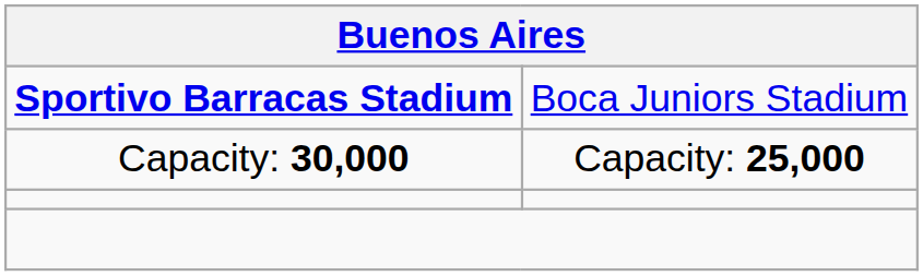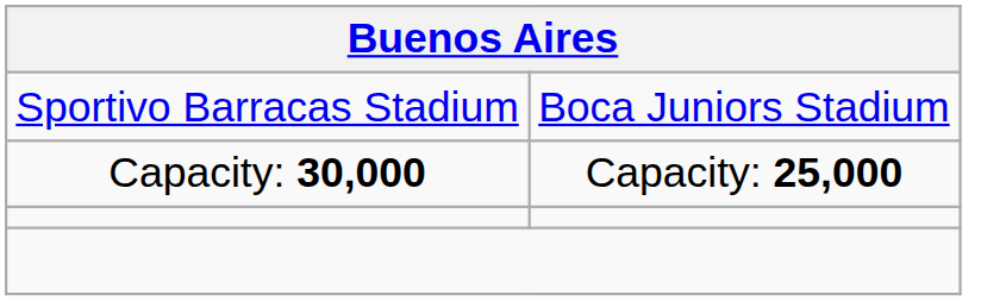 <table class="wikitable" style="text-align:center">
 <tr>
 <th colspan=2><a href='#'>Buenos Aires</a></th>
 </tr>
 <tr>
-<td><strong><a href='#'>Sportivo Barracas Stadium</a></strong></td>
+<td><a href='#'>Sportivo Barracas Stadium</a></td>
 <td><a href='#'>Boca Juniors Stadium</a></td>
 </tr>
 <tr>
 <td>Capacity: <strong>30,000</strong></td>
 <td>Capacity: <strong>25,000</strong></td>
 </tr>
 <tr>
 <td></td>
 <td></td>
 </tr>
 <tr>
 <td colspan="2"><br></td>
 </tr>
 </table>
